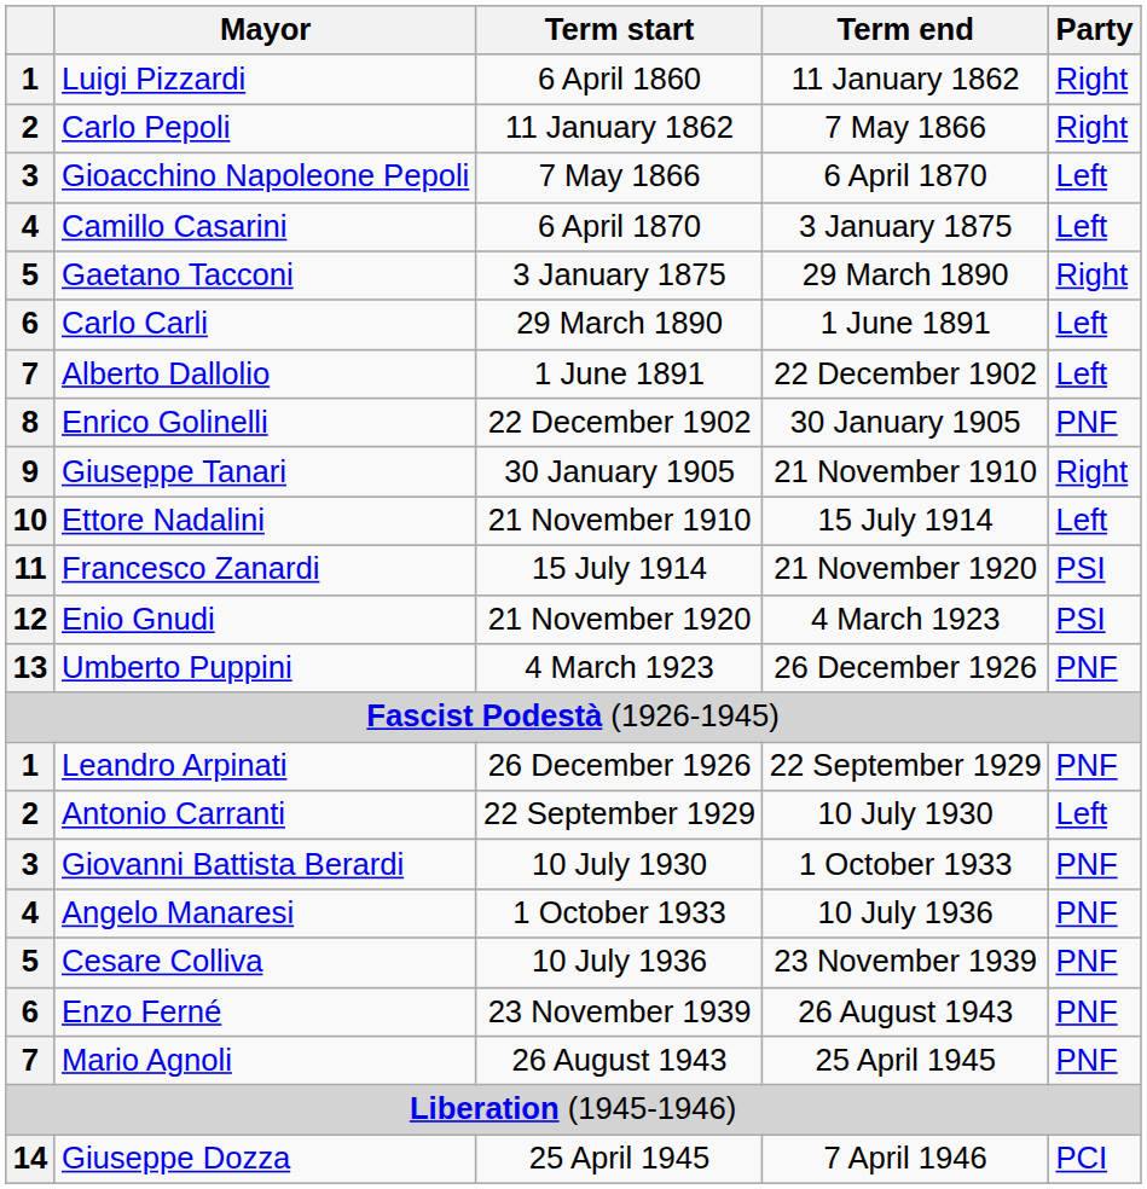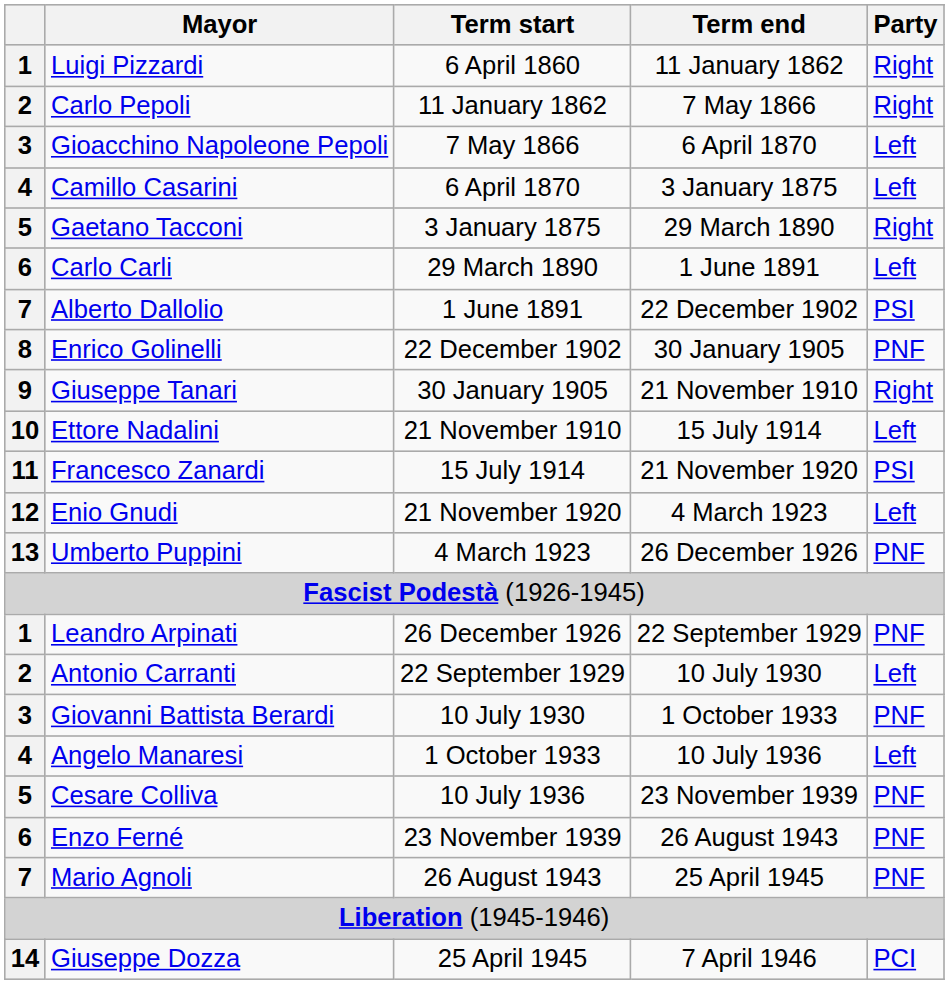 <table class="wikitable">
 <tr>
 <th class=unsortable> </th>
 <th>Mayor</th>
 <th>Term start</th>
 <th>Term end</th>
 <th>Party</th>
 </tr>
 <tr>
 <th rowspan=1 style="background:">1</th>
 <td><a href='#'>Luigi Pizzardi</a></td>
 <td align=center>6 April 1860</td>
 <td align=center>11 January 1862</td>
 <td><a href='#'>Right</a></td>
 </tr>
 <tr>
 <th rowspan=1 style="background:">2</th>
 <td><a href='#'>Carlo Pepoli</a></td>
 <td align=center>11 January 1862</td>
 <td align=center>7 May 1866</td>
 <td><a href='#'>Right</a></td>
 </tr>
 <tr>
 <th rowspan=1 style="background:">3</th>
 <td><a href='#'>Gioacchino Napoleone Pepoli</a></td>
 <td align=center>7 May 1866</td>
 <td align=center>6 April 1870</td>
 <td><a href='#'>Left</a></td>
 </tr>
 <tr>
 <th rowspan=1 style="background:">4</th>
 <td><a href='#'>Camillo Casarini</a></td>
 <td align=center>6 April 1870</td>
 <td align=center>3 January 1875</td>
 <td><a href='#'>Left</a></td>
 </tr>
 <tr>
 <th rowspan=1 style="background:">5</th>
 <td><a href='#'>Gaetano Tacconi</a></td>
 <td align=center>3 January 1875</td>
 <td align=center>29 March 1890</td>
 <td><a href='#'>Right</a></td>
 </tr>
 <tr>
 <th rowspan=1 style="background:">6</th>
 <td><a href='#'>Carlo Carli</a></td>
 <td align=center>29 March 1890</td>
 <td align=center>1 June 1891</td>
 <td><a href='#'>Left</a></td>
 </tr>
 <tr>
 <th rowspan=1 style="background:">7</th>
 <td><a href='#'>Alberto Dallolio</a></td>
 <td align=center>1 June 1891</td>
 <td align=center>22 December 1902</td>
-<td><a href='#'>Left</a></td>
+<td><a href='#'>PSI</a></td>
 </tr>
 <tr>
 <th rowspan=1 style="background:">8</th>
 <td><a href='#'>Enrico Golinelli</a></td>
 <td align=center>22 December 1902</td>
 <td align=center>30 January 1905</td>
 <td><a href='#'>PNF</a></td>
 </tr>
 <tr>
 <th rowspan=1 style="background:">9</th>
 <td><a href='#'>Giuseppe Tanari</a></td>
 <td align=center>30 January 1905</td>
 <td align=center>21 November 1910</td>
 <td><a href='#'>Right</a></td>
 </tr>
 <tr>
 <th rowspan=1 style="background:">10</th>
 <td><a href='#'>Ettore Nadalini</a></td>
 <td align=center>21 November 1910</td>
 <td align=center>15 July 1914</td>
 <td><a href='#'>Left</a></td>
 </tr>
 <tr>
 <th rowspan=1 style="background:">11</th>
 <td><a href='#'>Francesco Zanardi</a></td>
 <td align=center>15 July 1914</td>
 <td align=center>21 November 1920</td>
 <td><a href='#'>PSI</a></td>
 </tr>
 <tr>
 <th rowspan=1 style="background:">12</th>
 <td><a href='#'>Enio Gnudi</a></td>
 <td align=center>21 November 1920</td>
 <td align=center>4 March 1923</td>
-<td><a href='#'>PSI</a></td>
+<td><a href='#'>Left</a></td>
 </tr>
 <tr>
 <th rowspan=1 style="background:">13</th>
 <td><a href='#'>Umberto Puppini</a></td>
 <td align=center>4 March 1923</td>
 <td align=center>26 December 1926</td>
 <td><a href='#'>PNF</a></td>
 </tr>
 <tr>
 <td colspan="8" bgcolor="lightgrey" align=center><strong><a href='#'>Fascist Podestà</a></strong> (1926-1945)</td>
 </tr>
 <tr>
 <th rowspan=1 style="background:">1</th>
 <td><a href='#'>Leandro Arpinati</a></td>
 <td align=center>26 December 1926</td>
 <td align=center>22 September 1929</td>
 <td><a href='#'>PNF</a></td>
 </tr>
 <tr>
 <th rowspan=1 style="background:">2</th>
 <td><a href='#'>Antonio Carranti</a></td>
 <td align=center>22 September 1929</td>
 <td align=center>10 July 1930</td>
 <td><a href='#'>Left</a></td>
 </tr>
 <tr>
 <th rowspan=1 style="background:">3</th>
 <td><a href='#'>Giovanni Battista Berardi</a></td>
 <td align=center>10 July 1930</td>
 <td align=center>1 October 1933</td>
 <td><a href='#'>PNF</a></td>
 </tr>
 <tr>
 <th rowspan=1 style="background:">4</th>
 <td><a href='#'>Angelo Manaresi</a></td>
 <td align=center>1 October 1933</td>
 <td align=center>10 July 1936</td>
-<td><a href='#'>PNF</a></td>
+<td><a href='#'>Left</a></td>
 </tr>
 <tr>
 <th rowspan=1 style="background:">5</th>
 <td><a href='#'>Cesare Colliva</a></td>
 <td align=center>10 July 1936</td>
 <td align=center>23 November 1939</td>
 <td><a href='#'>PNF</a></td>
 </tr>
 <tr>
 <th rowspan=1 style="background:">6</th>
 <td><a href='#'>Enzo Ferné</a></td>
 <td align=center>23 November 1939</td>
 <td align=center>26 August 1943</td>
 <td><a href='#'>PNF</a></td>
 </tr>
 <tr>
 <th rowspan=1 style="background:">7</th>
 <td><a href='#'>Mario Agnoli</a></td>
 <td align=center>26 August 1943</td>
 <td align=center>25 April 1945</td>
 <td><a href='#'>PNF</a></td>
 </tr>
 <tr>
 <td colspan="8" bgcolor="lightgrey" align=center><strong><a href='#'>Liberation</a></strong> (1945-1946)</td>
 </tr>
 <tr>
 <th rowspan=1 style="background:">14</th>
 <td><a href='#'>Giuseppe Dozza</a></td>
 <td align=center>25 April 1945</td>
 <td align=center>7 April 1946</td>
 <td><a href='#'>PCI</a></td>
 </tr>
 </table>
